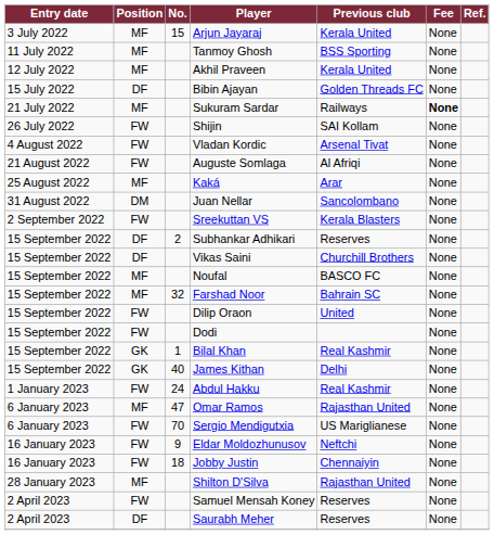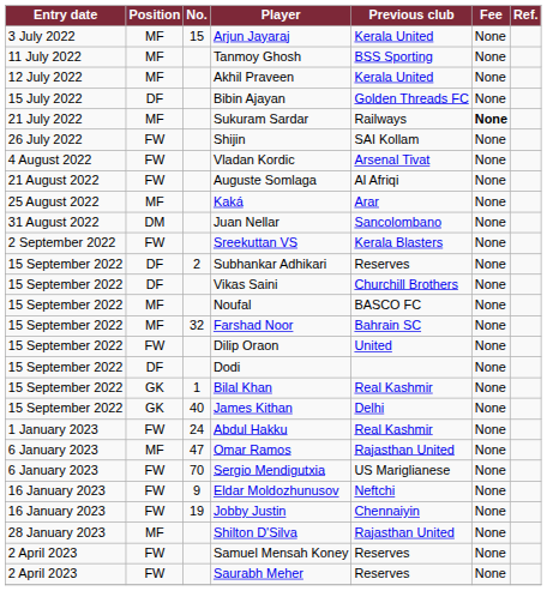 <table class="wikitable sortable">
 <tr>
 <th style="background:#7D2838; color:#FFFFFF;"><strong>Entry date</strong></th>
 <th style="background:#7D2838; color:white;"><strong>Position</strong></th>
 <th style="background:#7D2838; color:white;"><strong>No.</strong></th>
 <th style="background:#7D2838; color:white;"><strong>Player</strong></th>
 <th style="background:#7D2838; color:white;"><strong>Previous club</strong></th>
 <th style="background:#7D2838; color:white;"><strong>Fee</strong></th>
 <th style="background:#7D2838; color:white;"><strong>Ref.</strong></th>
 </tr>
 <tr>
 <td>3 July 2022</td>
 <td style="text-align:center;">MF</td>
 <td style="text-align:center;">15</td>
 <td style="text-align:left;"> <a href='#'>Arjun Jayaraj</a></td>
 <td style="text-align:left;"> <a href='#'>Kerala United</a></td>
 <td>None</td>
 <td></td>
 </tr>
 <tr>
 <td>11 July 2022</td>
 <td style="text-align:center;">MF</td>
 <td style="text-align:center;"></td>
 <td style="text-align:left;"> Tanmoy Ghosh</td>
 <td style="text-align:left;"> <a href='#'>BSS Sporting</a></td>
 <td>None</td>
 <td></td>
 </tr>
 <tr>
 <td>12 July 2022</td>
 <td style="text-align:center;">MF</td>
 <td style="text-align:center;"></td>
 <td style="text-align:left;"> Akhil Praveen</td>
 <td style="text-align:left;"> <a href='#'>Kerala United</a></td>
 <td>None</td>
 <td></td>
 </tr>
 <tr>
 <td>15 July 2022</td>
 <td style="text-align:center;">DF</td>
 <td style="text-align:center;"></td>
 <td style="text-align:left;"> Bibin Ajayan</td>
 <td style="text-align:left;"> <a href='#'>Golden Threads FC</a></td>
 <td>None</td>
 <td></td>
 </tr>
 <tr>
 <td>21 July 2022</td>
 <td style="text-align:center;">MF</td>
 <td style="text-align:center;"></td>
 <td style="text-align:left;"> Sukuram Sardar</td>
 <td style="text-align:left;"> Railways</td>
 <td><strong>None</strong></td>
 <td></td>
 </tr>
 <tr>
 <td>26 July 2022</td>
 <td style="text-align:center;">FW</td>
 <td style="text-align:center;"></td>
 <td style="text-align:left;"> Shijin</td>
 <td style="text-align:left;"> SAI Kollam</td>
 <td>None</td>
 <td></td>
 </tr>
 <tr>
 <td>4 August 2022</td>
 <td style="text-align:center;">FW</td>
 <td style="text-align:center;"></td>
 <td style="text-align:left;"> Vladan Kordic</td>
 <td style="text-align:left;"> <a href='#'>Arsenal Tivat</a></td>
 <td>None</td>
 <td></td>
 </tr>
 <tr>
 <td>21 August 2022</td>
 <td style="text-align:center;">FW</td>
 <td style="text-align:center;"></td>
 <td style="text-align:left;"> Auguste Somlaga</td>
 <td style="text-align:left;"> Al Afriqi</td>
 <td>None</td>
 <td></td>
 </tr>
 <tr>
 <td>25 August 2022</td>
 <td style="text-align:center;">MF</td>
 <td style="text-align:center;"></td>
 <td style="text-align:left;"> <a href='#'>Kaká</a></td>
 <td style="text-align:left;"> <a href='#'>Arar</a></td>
 <td>None</td>
 <td></td>
 </tr>
 <tr>
 <td>31 August 2022</td>
 <td style="text-align:center;">DM</td>
 <td style="text-align:center;"></td>
 <td style="text-align:left;"> Juan Nellar</td>
 <td style="text-align:left;"> <a href='#'>Sancolombano</a></td>
 <td>None</td>
 <td></td>
 </tr>
 <tr>
 <td>2 September 2022</td>
 <td style="text-align:center;">FW</td>
 <td style="text-align:center;"></td>
 <td style="text-align:left;"> <a href='#'>Sreekuttan VS</a></td>
 <td style="text-align:left;"> <a href='#'>Kerala Blasters</a></td>
 <td>None</td>
 <td></td>
 </tr>
 <tr>
 <td>15 September 2022</td>
 <td style="text-align:center;">DF</td>
 <td style="text-align:center;">2</td>
 <td style="text-align:left;"> Subhankar Adhikari</td>
 <td style="text-align:left;"> Reserves</td>
 <td>None</td>
 <td></td>
 </tr>
 <tr>
 <td>15 September 2022</td>
 <td style="text-align:center;">DF</td>
 <td style="text-align:center;"></td>
 <td style="text-align:left;"> Vikas Saini</td>
 <td style="text-align:left;"> <a href='#'>Churchill Brothers</a></td>
 <td>None</td>
 <td></td>
 </tr>
 <tr>
 <td>15 September 2022</td>
 <td style="text-align:center;">MF</td>
 <td style="text-align:center;"></td>
 <td style="text-align:left;"> Noufal</td>
 <td style="text-align:left;"> BASCO FC</td>
 <td>None</td>
 <td></td>
 </tr>
 <tr>
 <td>15 September 2022</td>
 <td style="text-align:center;">MF</td>
 <td style="text-align:center;">32</td>
 <td style="text-align:left;"> <a href='#'>Farshad Noor</a></td>
 <td style="text-align:left;"> <a href='#'>Bahrain SC</a></td>
 <td>None</td>
 <td></td>
 </tr>
 <tr>
 <td>15 September 2022</td>
 <td style="text-align:center;">FW</td>
 <td style="text-align:center;"></td>
 <td style="text-align:left;"> Dilip Oraon</td>
 <td style="text-align:left;"> <a href='#'>United</a></td>
 <td>None</td>
 <td></td>
 </tr>
 <tr>
 <td>15 September 2022</td>
-<td style="text-align:center;">FW</td>
+<td style="text-align:center;">DF</td>
 <td style="text-align:center;"></td>
 <td style="text-align:left;"> Dodi</td>
 <td style="text-align:left;"></td>
 <td>None</td>
 <td></td>
 </tr>
 <tr>
 <td>15 September 2022</td>
 <td style="text-align:center;">GK</td>
 <td style="text-align:center;">1</td>
 <td style="text-align:left;"> <a href='#'>Bilal Khan</a></td>
 <td style="text-align:left;"> <a href='#'>Real Kashmir</a></td>
 <td>None</td>
 <td></td>
 </tr>
 <tr>
 <td>15 September 2022</td>
 <td style="text-align:center;">GK</td>
 <td style="text-align:center;">40</td>
 <td style="text-align:left;"> <a href='#'>James Kithan</a></td>
 <td style="text-align:left;"> <a href='#'>Delhi</a></td>
 <td>None</td>
 <td></td>
 </tr>
 <tr>
 <td>1 January 2023</td>
 <td style="text-align:center;">FW</td>
 <td style="text-align:center;">24</td>
 <td style="text-align:left;"> <a href='#'>Abdul Hakku</a></td>
 <td style="text-align:left;"> <a href='#'>Real Kashmir</a></td>
 <td>None</td>
 <td></td>
 </tr>
 <tr>
 <td>6 January 2023</td>
 <td style="text-align:center;">MF</td>
 <td style="text-align:center;">47</td>
 <td style="text-align:left;"> <a href='#'>Omar Ramos</a></td>
 <td style="text-align:left;"> <a href='#'>Rajasthan United</a></td>
 <td>None</td>
 <td></td>
 </tr>
 <tr>
 <td>6 January 2023</td>
 <td style="text-align:center;">FW</td>
 <td style="text-align:center;">70</td>
 <td style="text-align:left;"> <a href='#'>Sergio Mendigutxia</a></td>
 <td style="text-align:left;"> US Mariglianese</td>
 <td>None</td>
 <td></td>
 </tr>
 <tr>
 <td>16 January 2023</td>
 <td style="text-align:center;">FW</td>
 <td style="text-align:center;">9</td>
 <td style="text-align:left;"> <a href='#'>Eldar Moldozhunusov</a></td>
 <td style="text-align:left;"> <a href='#'>Neftchi</a></td>
 <td>None</td>
 <td></td>
 </tr>
 <tr>
 <td>16 January 2023</td>
 <td style="text-align:center;">FW</td>
-<td style="text-align:center;">18</td>
+<td style="text-align:center;">19</td>
 <td style="text-align:left;"> <a href='#'>Jobby Justin</a></td>
 <td style="text-align:left;"> <a href='#'>Chennaiyin</a></td>
 <td>None</td>
 <td></td>
 </tr>
 <tr>
 <td>28 January 2023</td>
 <td style="text-align:center;">MF</td>
 <td style="text-align:center;"></td>
 <td style="text-align:left;"> <a href='#'>Shilton D'Silva</a></td>
 <td style="text-align:left;"> <a href='#'>Rajasthan United</a></td>
 <td>None</td>
 <td></td>
 </tr>
 <tr>
 <td>2 April 2023</td>
 <td style="text-align:center;">FW</td>
 <td style="text-align:center;"></td>
 <td style="text-align:left;"> Samuel Mensah Koney</td>
 <td style="text-align:left;"> Reserves</td>
 <td>None</td>
 <td></td>
 </tr>
 <tr>
 <td>2 April 2023</td>
-<td style="text-align:center;">DF</td>
+<td style="text-align:center;">FW</td>
 <td style="text-align:center;"></td>
 <td style="text-align:left;"> <a href='#'>Saurabh Meher</a></td>
 <td style="text-align:left;"> Reserves</td>
 <td>None</td>
 <td></td>
 </tr>
 <tr>
 </tr>
 </table>
